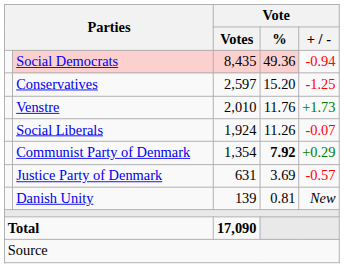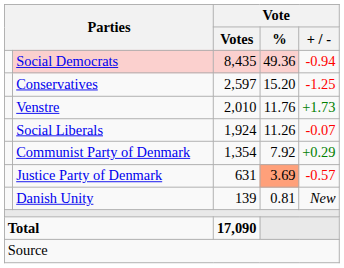 <table class="wikitable" style="text-align:right;">
 <tr>
 <th style="text-align:centre;" rowspan="2" colspan="2" width="225">Parties</th>
 <th colspan="3">Vote</th>
 </tr>
 <tr>
 <th width="15">Votes</th>
 <th width="15">%</th>
 <th width="15">+ / -</th>
 </tr>
 <tr>
 <td width="2" style="color:inherit;background:"></td>
 <td bgcolor=#fbd0ce  align="left"><a href='#'>Social Democrats</a></td>
 <td bgcolor=#fbd0ce>8,435</td>
 <td bgcolor=#fbd0ce>49.36</td>
 <td style=color:red;>-0.94</td>
 </tr>
 <tr>
 <td width="2" style="color:inherit;background:"></td>
 <td align="left"><a href='#'>Conservatives</a></td>
 <td>2,597</td>
 <td>15.20</td>
 <td style=color:red;>-1.25</td>
 </tr>
 <tr>
 <td width="2" style="color:inherit;background:"></td>
 <td align="left"><a href='#'>Venstre</a></td>
 <td>2,010</td>
 <td>11.76</td>
 <td style=color:green;>+1.73</td>
 </tr>
 <tr>
 <td width="2" style="color:inherit;background:"></td>
 <td align="left"><a href='#'>Social Liberals</a></td>
 <td>1,924</td>
 <td>11.26</td>
 <td style=color:red;>-0.07</td>
 </tr>
 <tr>
 <td width="2" style="color:inherit;background:"></td>
 <td align="left"><a href='#'>Communist Party of Denmark</a></td>
 <td>1,354</td>
-<td><strong>7.92</strong></td>
+<td>7.92</td>
 <td style=color:green;>+0.29</td>
 </tr>
 <tr>
 <td width="2" style="color:inherit;background:"></td>
 <td align="left"><a href='#'>Justice Party of Denmark</a></td>
 <td>631</td>
-<td>3.69</td>
+<td style="background: lightsalmon;">3.69</td>
 <td style=color:red;>-0.57</td>
 </tr>
 <tr>
 <td width="2" style="color:inherit;background:"></td>
 <td align="left"><a href='#'>Danish Unity</a></td>
 <td>139</td>
 <td>0.81</td>
 <td><em>New</em></td>
 </tr>
 <tr>
 <td colspan="7" bgcolor="#E9E9E9"></td>
 </tr>
 <tr>
 <td align="left" colspan="2"><strong>Total</strong></td>
 <td><strong>17,090</strong></td>
 <td bgcolor="#E9E9E9" colspan="2"></td>
 </tr>
 <tr>
 <td align="left" colspan="6">Source</td>
 </tr>
 </table>
